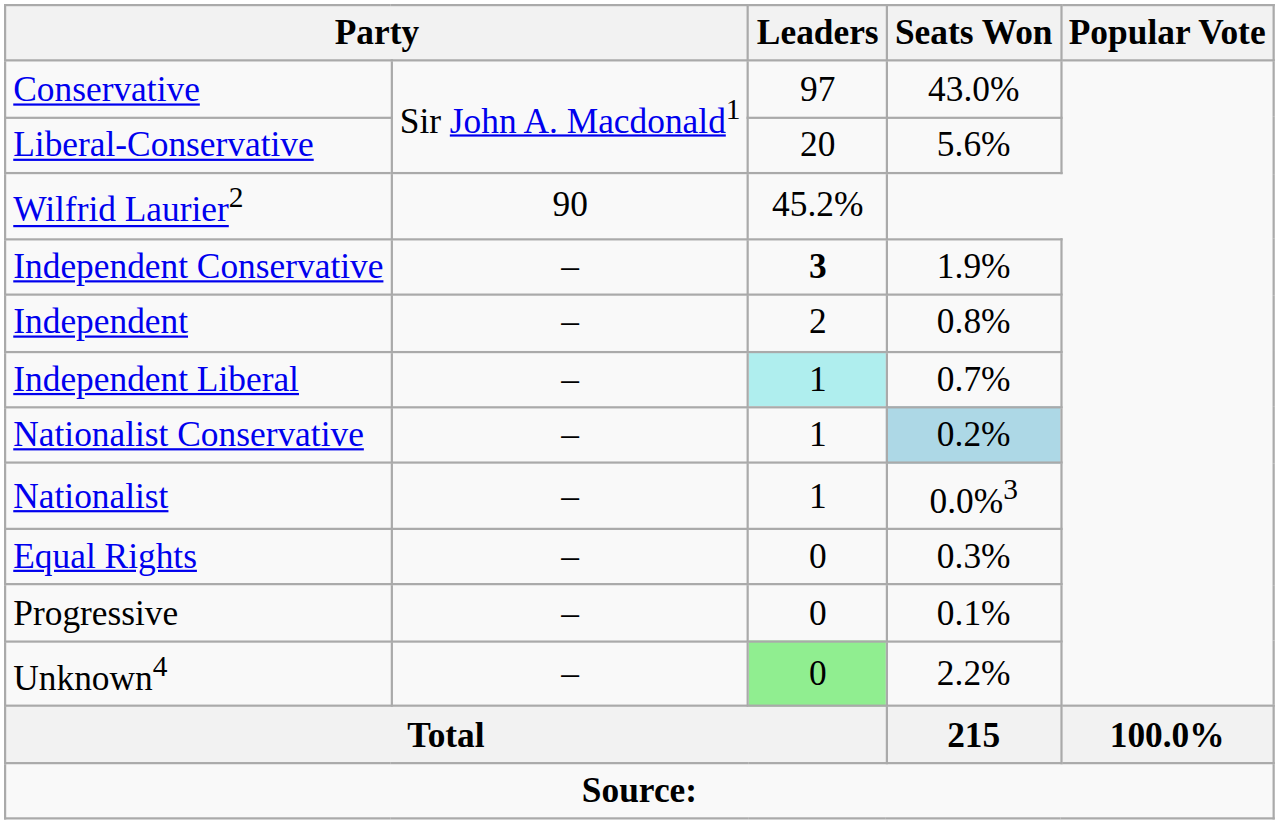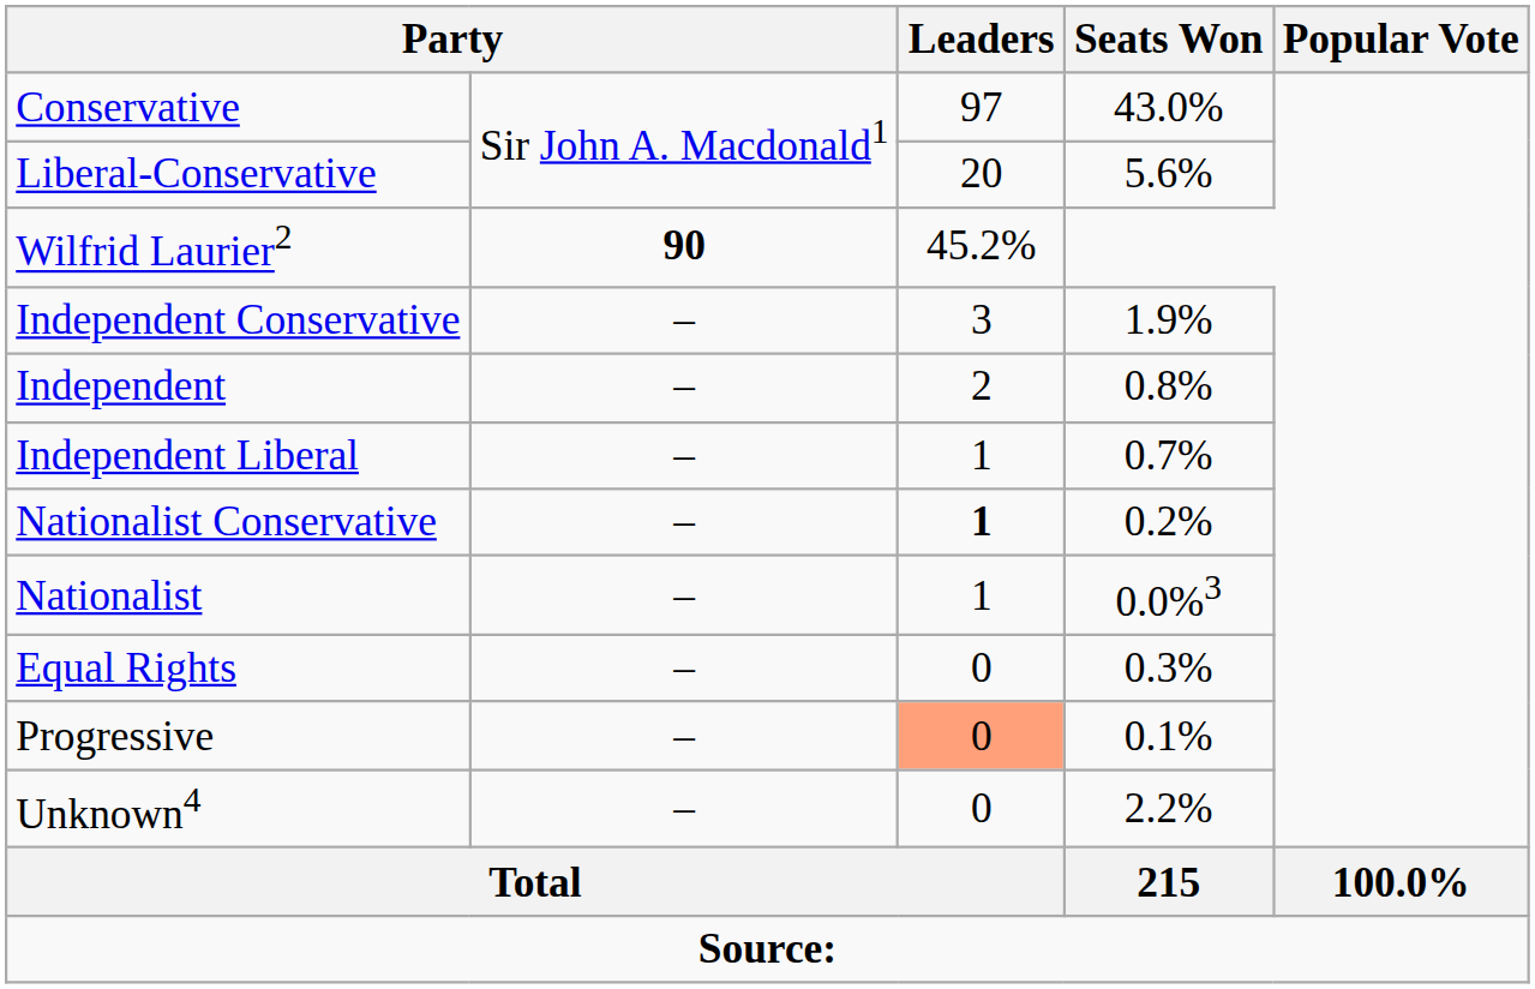 <table class="wikitable">
 <tr>
 <th colspan="2">Party</th>
 <th>Leaders</th>
 <th>Seats Won</th>
 <th>Popular Vote</th>
 </tr>
 <tr>
 <td><a href='#'>Conservative</a></td>
 <td rowspan=2>Sir <a href='#'>John A. Macdonald</a><sup>1</sup></td>
 <td align=center>97</td>
 <td align=center>43.0%</td>
 </tr>
 <tr>
 <td><a href='#'>Liberal-Conservative</a></td>
 <td align=center>20</td>
 <td align=center>5.6%</td>
 </tr>
 <tr>
 <td><a href='#'>Wilfrid Laurier</a><sup>2</sup></td>
-<td align=center>90</td>
+<td align=center><strong>90</strong></td>
 <td align=center>45.2%</td>
 </tr>
 <tr>
 <td><a href='#'>Independent Conservative</a></td>
 <td align=center>–</td>
-<td align=center><strong>3</strong></td>
+<td align=center>3</td>
 <td align=center>1.9%</td>
 </tr>
 <tr>
 <td><a href='#'>Independent</a></td>
 <td align=center>–</td>
 <td align=center>2</td>
 <td align=center>0.8%</td>
 </tr>
 <tr>
 <td><a href='#'>Independent Liberal</a></td>
 <td align=center>–</td>
-<td align=center style="background: paleturquoise;">1</td>
+<td align=center>1</td>
 <td align=center>0.7%</td>
 </tr>
 <tr>
 <td><a href='#'>Nationalist Conservative</a></td>
 <td align=center>–</td>
-<td align=center>1</td>
-<td align=center style="background: lightblue;">0.2%</td>
+<td align=center><strong>1</strong></td>
+<td align=center>0.2%</td>
 </tr>
 <tr>
 <td><a href='#'>Nationalist</a></td>
 <td align=center>–</td>
 <td align=center>1</td>
 <td align=center>0.0%<sup>3</sup></td>
 </tr>
 <tr>
 <td><a href='#'>Equal Rights</a></td>
 <td align=center>–</td>
 <td align=center>0</td>
 <td align=center>0.3%</td>
 </tr>
 <tr>
 <td>Progressive</td>
 <td align=center>–</td>
-<td align=center>0</td>
+<td align=center style="background: lightsalmon;">0</td>
 <td align=center>0.1%</td>
 </tr>
 <tr>
 <td>Unknown<sup>4</sup></td>
 <td align=center>–</td>
-<td align=center style="background: lightgreen;">0</td>
+<td align=center>0</td>
 <td align=center>2.2%</td>
 </tr>
 <tr>
 <th colspan=3 align=left>Total</th>
 <th align=right>215</th>
 <th align=right>100.0%</th>
 </tr>
 <tr>
 <td align="center" colspan=5><strong>Source:</strong>  </td>
 </tr>
 </table>
